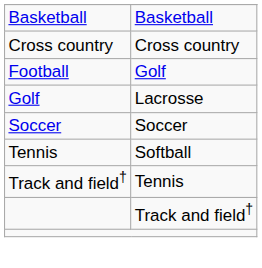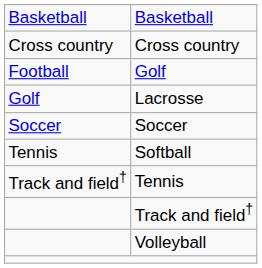 <table class="wikitable" style= " ">
 <tr>
 </tr>
 <tr>
 <td><a href='#'>Basketball</a></td>
 <td><a href='#'>Basketball</a></td>
 </tr>
 <tr>
 <td>Cross country</td>
 <td>Cross country</td>
 </tr>
 <tr>
 <td><a href='#'>Football</a></td>
 <td><a href='#'>Golf</a></td>
 </tr>
 <tr>
 <td><a href='#'>Golf</a></td>
 <td>Lacrosse</td>
 </tr>
 <tr>
 <td><a href='#'>Soccer</a></td>
 <td>Soccer</td>
 </tr>
 <tr>
 <td>Tennis</td>
 <td>Softball</td>
 </tr>
 <tr>
 <td>Track and field<sup>†</sup></td>
 <td>Tennis</td>
 </tr>
 <tr>
 <td></td>
 <td>Track and field<sup>†</sup></td>
 </tr>
 <tr>
+<td></td>
+<td>Volleyball</td>
+</tr>
+<tr>
 <td colspan="2"></td>
 </tr>
 </table>
